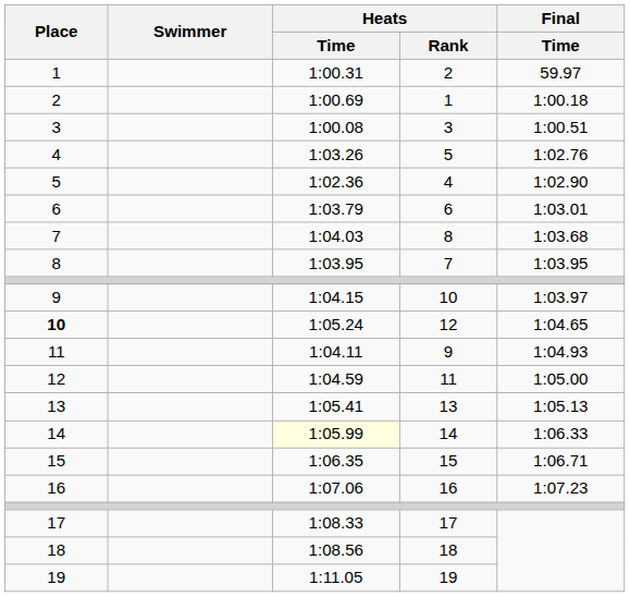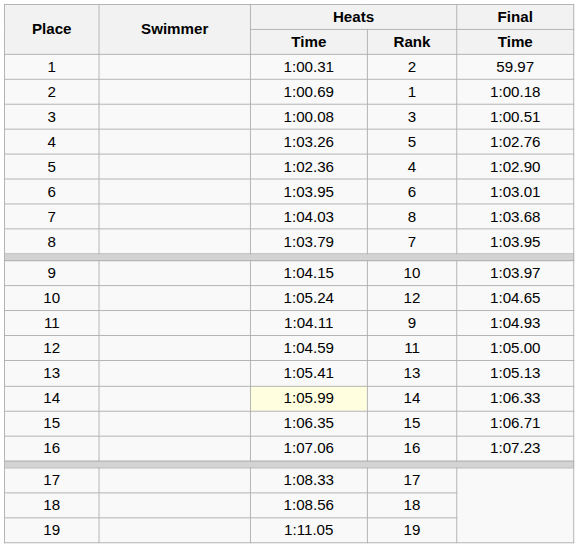 <table class="wikitable" style=" text-align:center; font-size:110%;" width="75%">
 <tr>
 <th rowspan="2">Place</th>
 <th rowspan="2">Swimmer</th>
 <th colspan="2">Heats</th>
 <th>Final</th>
 </tr>
 <tr>
 <th>Time</th>
 <th>Rank</th>
 <th>Time</th>
 </tr>
 <tr>
 <td>1</td>
 <td align="left"></td>
 <td>1:00.31</td>
 <td>2</td>
 <td>59.97</td>
 </tr>
 <tr>
 <td>2</td>
 <td align=left></td>
 <td>1:00.69</td>
 <td>1</td>
 <td>1:00.18</td>
 </tr>
 <tr>
 <td>3</td>
 <td align=left></td>
 <td>1:00.08</td>
 <td>3</td>
 <td>1:00.51</td>
 </tr>
 <tr>
 <td>4</td>
 <td align=left></td>
 <td>1:03.26</td>
 <td>5</td>
 <td>1:02.76</td>
 </tr>
 <tr>
 <td>5</td>
 <td align=left></td>
 <td>1:02.36</td>
 <td>4</td>
 <td>1:02.90</td>
 </tr>
 <tr>
 <td>6</td>
 <td align=left></td>
-<td>1:03.79</td>
+<td>1:03.95</td>
 <td>6</td>
 <td>1:03.01</td>
 </tr>
 <tr>
 <td>7</td>
 <td align=left></td>
 <td>1:04.03</td>
 <td>8</td>
 <td>1:03.68</td>
 </tr>
 <tr>
 <td>8</td>
 <td align=left></td>
-<td>1:03.95</td>
+<td>1:03.79</td>
 <td>7</td>
 <td>1:03.95</td>
 </tr>
 <tr>
 <td colspan=5 bgcolor=lightgray></td>
 </tr>
 <tr>
 <td>9</td>
 <td align="left"></td>
 <td>1:04.15</td>
 <td>10</td>
 <td>1:03.97</td>
 </tr>
 <tr>
-<td><strong>10</strong></td>
+<td>10</td>
 <td align="left"></td>
 <td>1:05.24</td>
 <td>12</td>
 <td>1:04.65</td>
 </tr>
 <tr>
 <td>11</td>
 <td align="left"></td>
 <td>1:04.11</td>
 <td>9</td>
 <td>1:04.93</td>
 </tr>
 <tr>
 <td>12</td>
 <td align="left"></td>
 <td>1:04.59</td>
 <td>11</td>
 <td>1:05.00</td>
 </tr>
 <tr>
 <td>13</td>
 <td align="left"></td>
 <td>1:05.41</td>
 <td>13</td>
 <td>1:05.13</td>
 </tr>
 <tr>
 <td>14</td>
 <td align="left"></td>
 <td style="background: lightyellow;">1:05.99</td>
 <td>14</td>
 <td>1:06.33</td>
 </tr>
 <tr>
 <td>15</td>
 <td align="left"></td>
 <td>1:06.35</td>
 <td>15</td>
 <td>1:06.71</td>
 </tr>
 <tr>
 <td>16</td>
 <td align="left"></td>
 <td>1:07.06</td>
 <td>16</td>
 <td>1:07.23</td>
 </tr>
 <tr>
 <td colspan=5 bgcolor=lightgray></td>
 </tr>
 <tr>
 <td>17</td>
 <td align="left"></td>
 <td>1:08.33</td>
 <td>17</td>
 </tr>
 <tr>
 <td>18</td>
 <td align="left"></td>
 <td>1:08.56</td>
 <td>18</td>
 </tr>
 <tr>
 <td>19</td>
 <td align="left"></td>
 <td>1:11.05</td>
 <td>19</td>
 </tr>
 </table>
